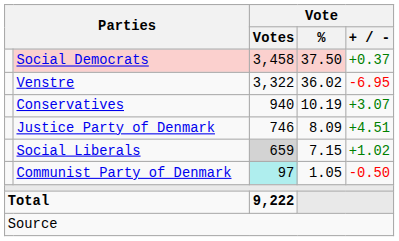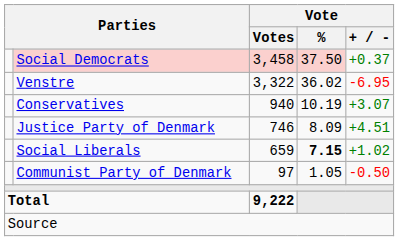 <table class="wikitable" style="text-align:right;">
 <tr>
 <th style="text-align:centre;" rowspan="2" colspan="2" width="225">Parties</th>
 <th colspan="3">Vote</th>
 </tr>
 <tr>
 <th width="15">Votes</th>
 <th width="15">%</th>
 <th width="15">+ / -</th>
 </tr>
 <tr>
 <td width="2" style="color:inherit;background:"></td>
 <td bgcolor=#fbd0ce  align="left"><a href='#'>Social Democrats</a></td>
 <td bgcolor=#fbd0ce>3,458</td>
 <td bgcolor=#fbd0ce>37.50</td>
 <td style=color:green;>+0.37</td>
 </tr>
 <tr>
 <td width="2" style="color:inherit;background:"></td>
 <td align="left"><a href='#'>Venstre</a></td>
 <td>3,322</td>
 <td>36.02</td>
 <td style=color:red;>-6.95</td>
 </tr>
 <tr>
 <td width="2" style="color:inherit;background:"></td>
 <td align="left"><a href='#'>Conservatives</a></td>
 <td>940</td>
 <td>10.19</td>
 <td style=color:green;>+3.07</td>
 </tr>
 <tr>
 <td width="2" style="color:inherit;background:"></td>
 <td align="left"><a href='#'>Justice Party of Denmark</a></td>
 <td>746</td>
 <td>8.09</td>
 <td style=color:green;>+4.51</td>
 </tr>
 <tr>
 <td width="2" style="color:inherit;background:"></td>
 <td align="left"><a href='#'>Social Liberals</a></td>
-<td style="background: lightgrey;">659</td>
-<td>7.15</td>
+<td>659</td>
+<td><strong>7.15</strong></td>
 <td style=color:green;>+1.02</td>
 </tr>
 <tr>
 <td width="2" style="color:inherit;background:"></td>
 <td align="left"><a href='#'>Communist Party of Denmark</a></td>
-<td style="background: paleturquoise;">97</td>
+<td>97</td>
 <td>1.05</td>
 <td style=color:red;>-0.50</td>
 </tr>
 <tr>
 <td colspan="7" bgcolor="#E9E9E9"></td>
 </tr>
 <tr>
 <td align="left" colspan="2"><strong>Total</strong></td>
 <td><strong>9,222</strong></td>
 <td bgcolor="#E9E9E9" colspan="2"></td>
 </tr>
 <tr>
 <td align="left" colspan="6">Source</td>
 </tr>
 </table>
